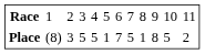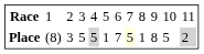 <table style="border: thin solid black;" cellpadding="2">
 <tr>
 <th>Race</th>
 <td>1</td>
 <td>2</td>
 <td>3</td>
 <td>4</td>
 <td>5</td>
 <td>6</td>
 <td>7</td>
 <td>8</td>
 <td>9</td>
 <td>10</td>
 <td>11</td>
 </tr>
 <tr>
 <th>Place</th>
 <td>(8)</td>
 <td>3</td>
 <td>5</td>
-<td>5</td>
+<td style="background: lightgrey;">5</td>
 <td>1</td>
 <td>7</td>
-<td>5</td>
+<td style="background: lightyellow;">5</td>
 <td>1</td>
 <td>8</td>
 <td>5</td>
-<td>2</td>
+<td style="background: lightgrey;">2</td>
 </tr>
 </table>
